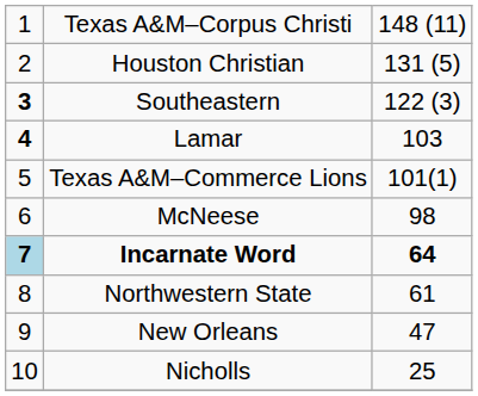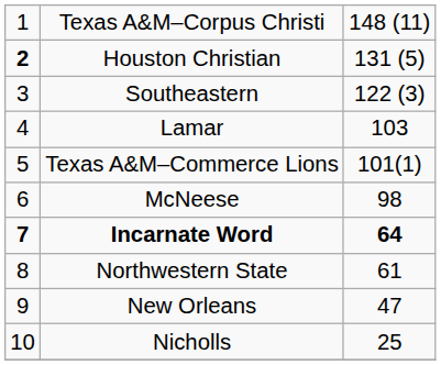 <table class="wikitable">
 <tr align="center">
 <td>1</td>
 <td>Texas A&M–Corpus Christi</td>
 <td>148 (11)</td>
 </tr>
 <tr align="center">
-<td>2</td>
+<td><strong>2</strong></td>
 <td>Houston Christian</td>
 <td>131 (5)</td>
 </tr>
 <tr align="center">
-<td><strong>3</strong></td>
+<td>3</td>
 <td>Southeastern</td>
 <td>122 (3)</td>
 </tr>
 <tr align="center">
-<td><strong>4</strong></td>
+<td>4</td>
 <td>Lamar</td>
 <td>103</td>
 </tr>
 <tr align="center">
 <td>5</td>
 <td>Texas A&M–Commerce Lions</td>
 <td>101(1)</td>
 </tr>
 <tr align="center">
 <td>6</td>
 <td>McNeese</td>
 <td>98</td>
 </tr>
 <tr align="center">
-<td style="background: lightblue;"><strong>7</strong></td>
+<td><strong>7</strong></td>
 <td><strong>Incarnate Word</strong></td>
 <td><strong>64</strong></td>
 </tr>
 <tr align="center">
 <td>8</td>
 <td>Northwestern State</td>
 <td>61</td>
 </tr>
 <tr align="center">
 <td>9</td>
 <td>New Orleans</td>
 <td>47</td>
 </tr>
 <tr align="center">
 <td>10</td>
 <td>Nicholls</td>
 <td>25</td>
 </tr>
 <tr align="center">
 </tr>
 </table>
